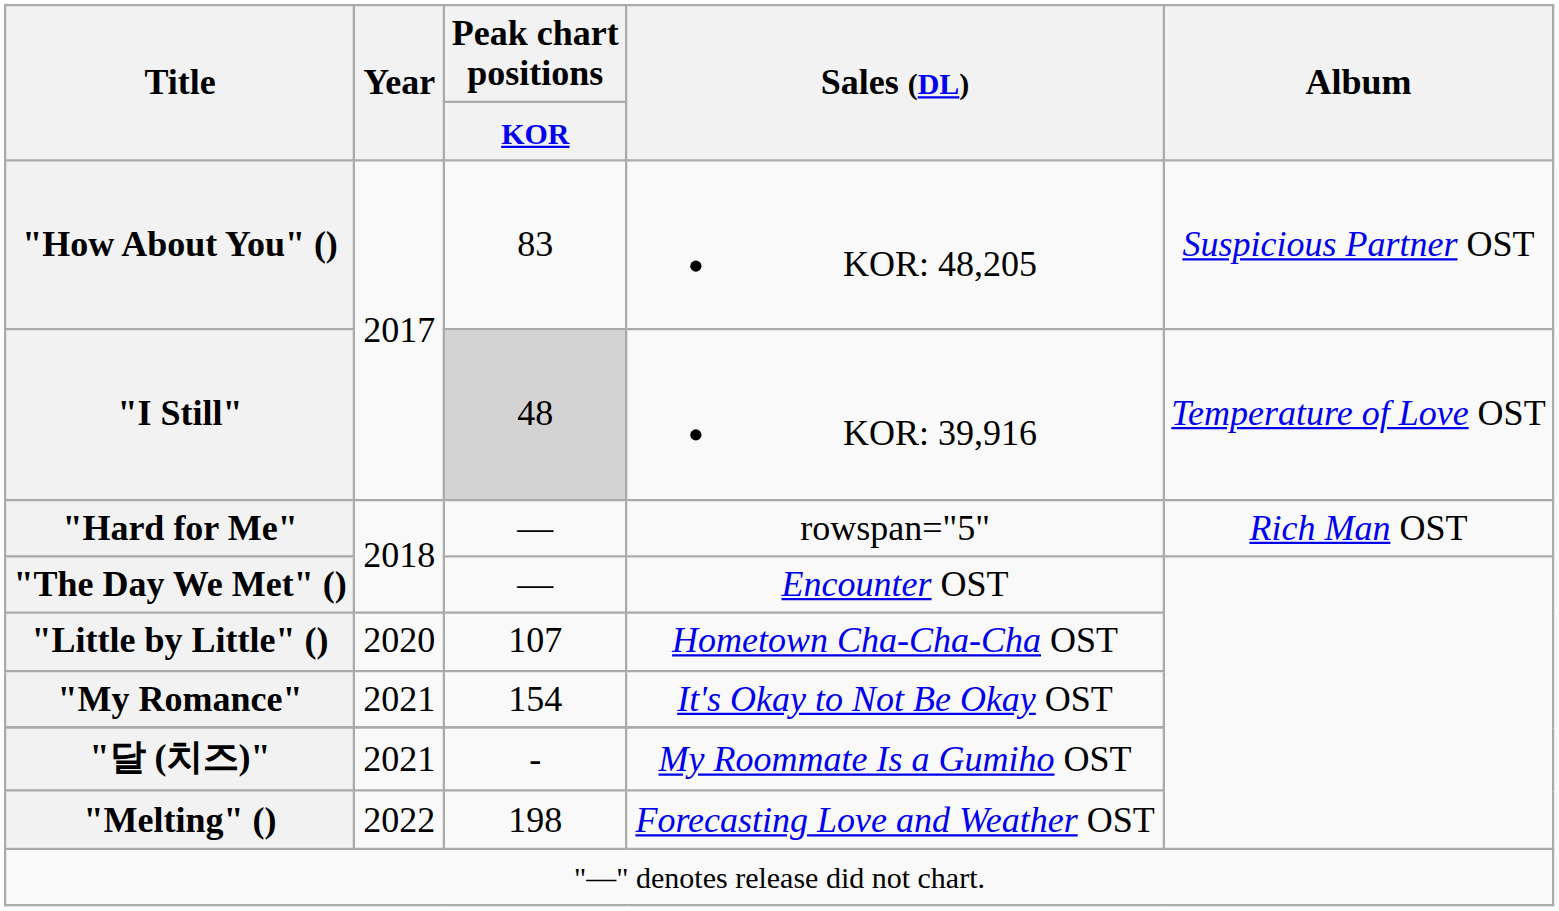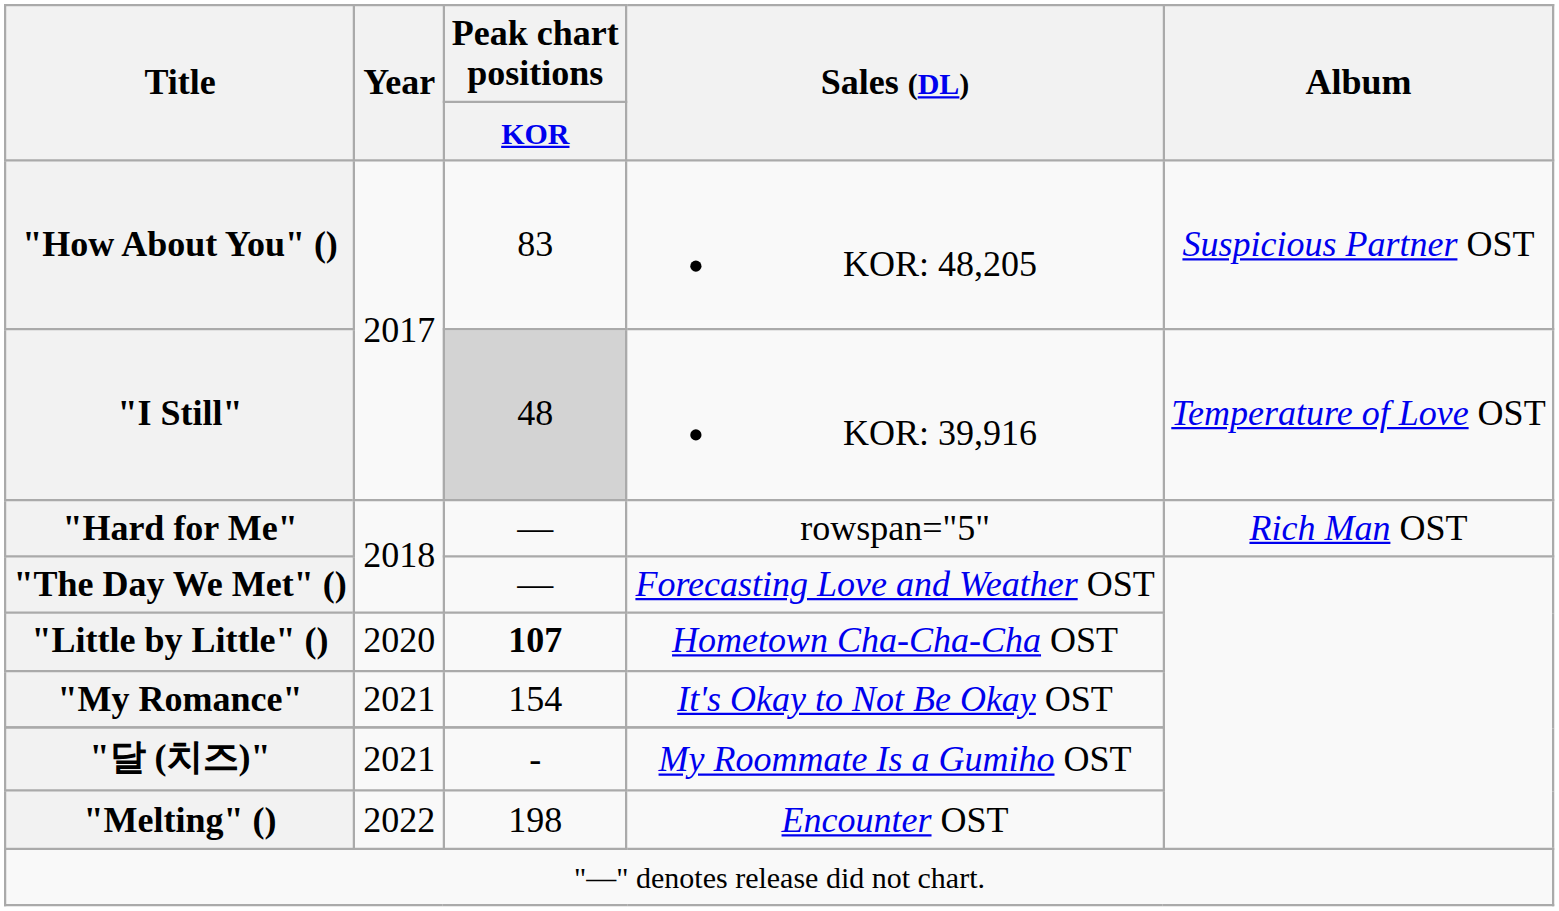 <table class="wikitable plainrowheaders" style="text-align:center;">
 <tr>
 <th scope="col" rowspan="2">Title</th>
 <th scope="col" rowspan="2">Year</th>
 <th scope="col" colspan="1">Peak chart <br> positions</th>
 <th scope="col" rowspan="2">Sales <small>(<a href='#'>DL</a>)</small></th>
 <th scope="col" rowspan="2">Album</th>
 </tr>
 <tr>
 <th><small><a href='#'>KOR</a></small><br></th>
 </tr>
 <tr>
 <th scope="row">"How About You" ()</th>
 <td rowspan="2">2017</td>
 <td>83</td>
 <td><br><ul><li>KOR: 48,205</li></ul></td>
 <td><em><a href='#'>Suspicious Partner</a></em> OST</td>
 </tr>
 <tr>
 <th scope="row">"I Still"</th>
 <td style="background: lightgrey;">48</td>
 <td><br><ul><li>KOR: 39,916</li></ul></td>
 <td><em><a href='#'>Temperature of Love</a></em> OST</td>
 </tr>
 <tr>
 <th scope="row">"Hard for Me"</th>
 <td rowspan="2">2018</td>
 <td>—</td>
 <td>rowspan="5" </td>
 <td><a href='#'><em>Rich Man</em></a> OST</td>
 </tr>
 <tr>
 <th scope="row">"The Day We Met" ()</th>
 <td>—</td>
-<td><em><a href='#'>Encounter</a></em> OST</td>
+<td><em><a href='#'>Forecasting Love and Weather</a></em> OST</td>
 </tr>
 <tr>
 <th scope="row">"Little by Little" ()</th>
 <td>2020</td>
-<td>107</td>
+<td><strong>107</strong></td>
 <td><em><a href='#'>Hometown Cha-Cha-Cha</a></em> OST</td>
 </tr>
 <tr>
 <th scope="row">"My Romance"</th>
 <td>2021</td>
 <td>154</td>
 <td><em><a href='#'>It's Okay to Not Be Okay</a></em> OST</td>
 </tr>
 <tr>
 </tr>
 <tr>
 <th scope="row">"달 (치즈)"</th>
 <td>2021</td>
 <td>-</td>
 <td><em><a href='#'>My Roommate Is a Gumiho</a></em> OST</td>
 </tr>
 <tr>
 <th scope="row">"Melting" ()</th>
 <td>2022</td>
 <td>198</td>
-<td><em><a href='#'>Forecasting Love and Weather</a></em> OST</td>
+<td><em><a href='#'>Encounter</a></em> OST</td>
 </tr>
 <tr>
 <td colspan="5"><small>"—" denotes release did not chart.</small></td>
 </tr>
 </table>
